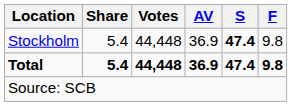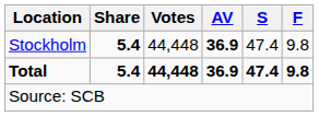 <table class="wikitable sortable" style=text-align:right>
 <tr>
 <th>Location</th>
 <th>Share</th>
 <th>Votes</th>
 <th><a href='#'>AV</a></th>
 <th><a href='#'>S</a></th>
 <th><a href='#'>F</a></th>
 </tr>
 <tr>
 <td align=left><a href='#'>Stockholm</a></td>
-<td>5.4</td>
+<td><strong>5.4</strong></td>
 <td>44,448</td>
-<td>36.9</td>
-<td><strong>47.4</strong></td>
+<td><strong>36.9</strong></td>
+<td>47.4</td>
 <td>9.8</td>
 </tr>
 <tr>
 <td align=left><strong>Total</strong></td>
 <td><strong>5.4</strong></td>
 <td><strong>44,448</strong></td>
 <td><strong>36.9</strong></td>
 <td><strong>47.4</strong></td>
 <td><strong>9.8</strong></td>
 </tr>
 <tr>
 <td align=left colspan=6>Source: SCB </td>
 </tr>
 </table>
